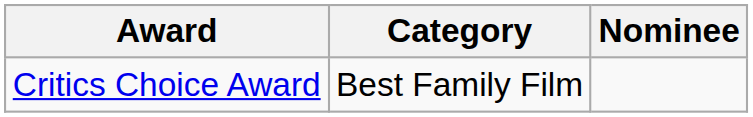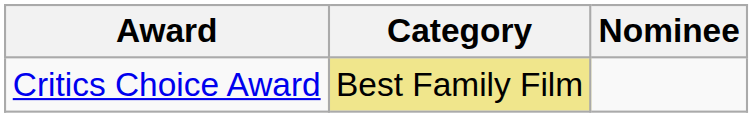 <table class="wikitable sortable">
 <tr>
 <th>Award</th>
 <th>Category</th>
 <th>Nominee</th>
 </tr>
 <tr>
 <td rowspan="2"><a href='#'>Critics Choice Award</a></td>
-<td>Best Family Film</td>
+<td style="background: khaki;">Best Family Film</td>
 <td></td>
 </tr>
 </table>
